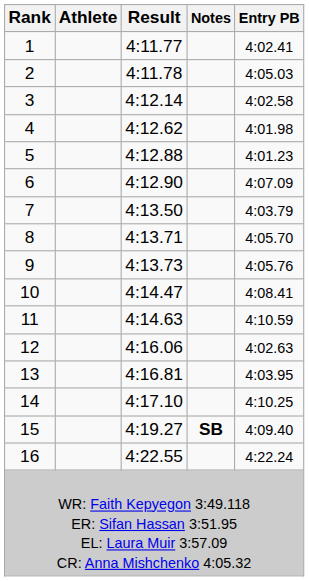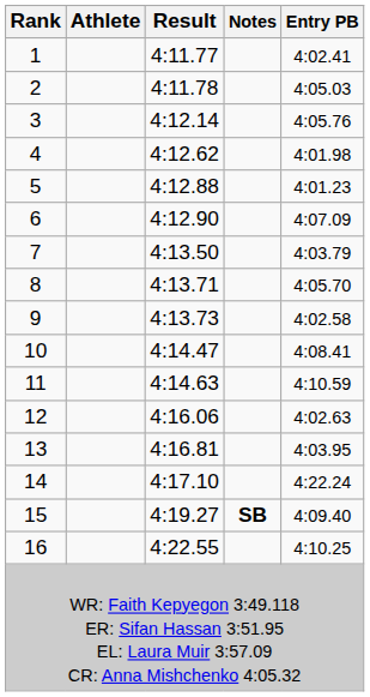 <table class="wikitable sortable" style="text-align:center;">
 <tr>
 <th>Rank</th>
 <th>Athlete</th>
 <th>Result</th>
 <th><small>Notes</small></th>
 <th><small>Entry PB</small></th>
 </tr>
 <tr>
 <td>1</td>
 <td align=left></td>
 <td>4:11.77</td>
 <td></td>
 <td><small>4:02.41</small></td>
 </tr>
 <tr>
 <td>2</td>
 <td align=left></td>
 <td>4:11.78</td>
 <td></td>
 <td><small>4:05.03</small></td>
 </tr>
 <tr>
 <td>3</td>
 <td align=left></td>
 <td>4:12.14</td>
 <td></td>
-<td><small>4:02.58</small></td>
+<td><small>4:05.76</small></td>
 </tr>
 <tr>
 <td>4</td>
 <td align=left></td>
 <td>4:12.62</td>
 <td></td>
 <td><small>4:01.98</small></td>
 </tr>
 <tr>
 <td>5</td>
 <td align=left></td>
 <td>4:12.88</td>
 <td></td>
 <td><small>4:01.23</small></td>
 </tr>
 <tr>
 <td>6</td>
 <td align=left></td>
 <td>4:12.90</td>
 <td></td>
 <td><small>4:07.09</small></td>
 </tr>
 <tr>
 <td>7</td>
 <td align=left></td>
 <td>4:13.50</td>
 <td></td>
 <td><small>4:03.79</small></td>
 </tr>
 <tr>
 <td>8</td>
 <td align=left></td>
 <td>4:13.71</td>
 <td></td>
 <td><small>4:05.70</small></td>
 </tr>
 <tr>
 <td>9</td>
 <td align=left></td>
 <td>4:13.73</td>
 <td></td>
-<td><small>4:05.76</small></td>
+<td><small>4:02.58</small></td>
 </tr>
 <tr>
 <td>10</td>
 <td align=left></td>
 <td>4:14.47</td>
 <td></td>
 <td><small>4:08.41</small></td>
 </tr>
 <tr>
 <td>11</td>
 <td align=left></td>
 <td>4:14.63</td>
 <td></td>
 <td><small>4:10.59</small></td>
 </tr>
 <tr>
 <td>12</td>
 <td align=left></td>
 <td>4:16.06</td>
 <td></td>
 <td><small>4:02.63</small></td>
 </tr>
 <tr>
 <td>13</td>
 <td align=left></td>
 <td>4:16.81</td>
 <td></td>
 <td><small>4:03.95</small></td>
 </tr>
 <tr>
 <td>14</td>
 <td align=left></td>
 <td>4:17.10</td>
 <td></td>
-<td><small>4:10.25</small></td>
+<td><small>4:22.24</small></td>
 </tr>
 <tr>
 <td>15</td>
 <td align=left></td>
 <td>4:19.27</td>
 <td><strong>SB</strong></td>
 <td><small>4:09.40</small></td>
 </tr>
 <tr>
 <td>16</td>
 <td align=left></td>
 <td>4:22.55</td>
 <td></td>
-<td><small>4:22.24</small></td>
+<td><small>4:10.25</small></td>
 </tr>
 <tr class="sortbottom">
 <td colspan="5" bgcolor="#cccccc"><br> <small>WR:   <a href='#'>Faith Kepyegon</a> 3:49.118<br>ER:  <a href='#'>Sifan Hassan</a> 3:51.95<br></small> <small>EL:   <a href='#'>Laura Muir</a> 3:57.09<br>CR:  <a href='#'>Anna Mishchenko</a> 4:05.32</small></td>
 </tr>
 </table>
